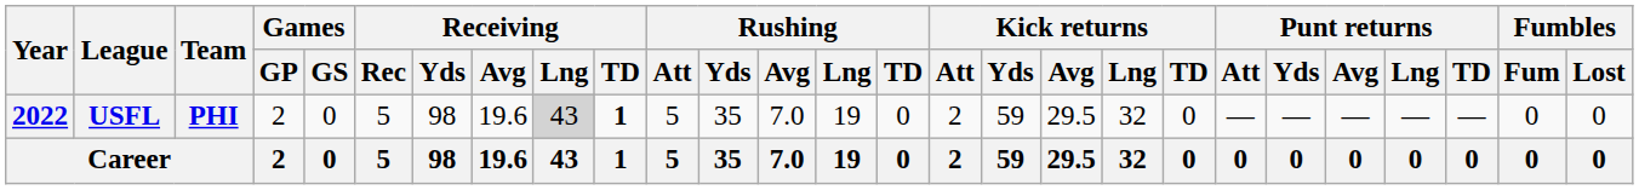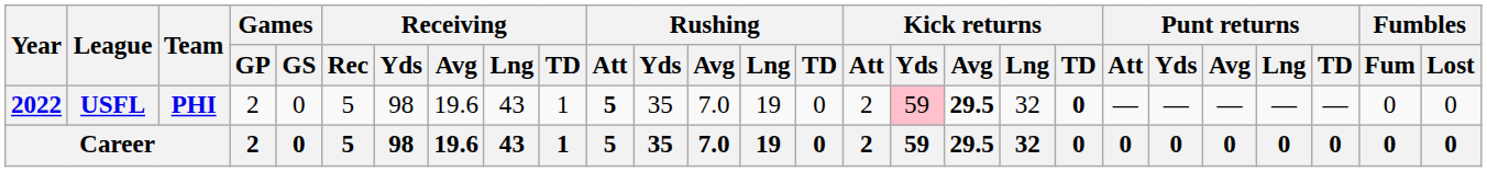 <table class="wikitable" style="text-align:center;">
 <tr>
 <th rowspan="2">Year</th>
 <th rowspan="2">League</th>
 <th rowspan="2">Team</th>
 <th colspan="2">Games</th>
 <th colspan="5">Receiving</th>
 <th colspan="5">Rushing</th>
 <th colspan="5">Kick returns</th>
 <th colspan="5">Punt returns</th>
 <th colspan="2">Fumbles</th>
 </tr>
 <tr>
 <th>GP</th>
 <th>GS</th>
 <th>Rec</th>
 <th>Yds</th>
 <th>Avg</th>
 <th>Lng</th>
 <th>TD</th>
 <th>Att</th>
 <th>Yds</th>
 <th>Avg</th>
 <th>Lng</th>
 <th>TD</th>
 <th>Att</th>
 <th>Yds</th>
 <th>Avg</th>
 <th>Lng</th>
 <th>TD</th>
 <th>Att</th>
 <th>Yds</th>
 <th>Avg</th>
 <th>Lng</th>
 <th>TD</th>
 <th>Fum</th>
 <th>Lost</th>
 </tr>
 <tr>
 <th><a href='#'>2022</a></th>
 <th><a href='#'>USFL</a></th>
 <th><a href='#'>PHI</a></th>
 <td>2</td>
 <td>0</td>
 <td>5</td>
 <td>98</td>
 <td>19.6</td>
-<td style="background: lightgrey;">43</td>
-<td><strong>1</strong></td>
-<td>5</td>
+<td>43</td>
+<td>1</td>
+<td><strong>5</strong></td>
 <td>35</td>
 <td>7.0</td>
 <td>19</td>
 <td>0</td>
 <td>2</td>
-<td>59</td>
-<td>29.5</td>
+<td style="background: pink;">59</td>
+<td><strong>29.5</strong></td>
 <td>32</td>
-<td>0</td>
+<td><strong>0</strong></td>
 <td>—</td>
 <td>—</td>
 <td>—</td>
 <td>—</td>
 <td>—</td>
 <td>0</td>
 <td>0</td>
 </tr>
 <tr>
 <th colspan="3">Career </th>
 <th>2</th>
 <th>0</th>
 <th>5</th>
 <th>98</th>
 <th>19.6</th>
 <th>43</th>
 <th>1</th>
 <th>5</th>
 <th>35</th>
 <th>7.0</th>
 <th>19</th>
 <th>0</th>
 <th>2</th>
 <th>59</th>
 <th>29.5</th>
 <th>32</th>
 <th>0</th>
 <th>0</th>
 <th 0>0</th>
 <th>0</th>
 <th 0>0</th>
 <th>0</th>
 <th>0</th>
 <th>0</th>
 </tr>
 </table>
